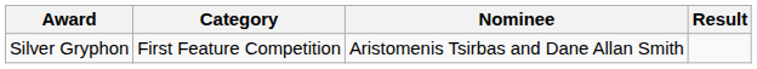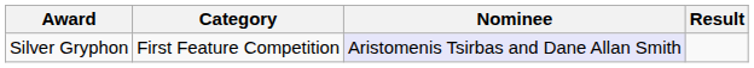 <table class="wikitable sortable">
 <tr>
 <th>Award</th>
 <th>Category</th>
 <th>Nominee</th>
 <th>Result</th>
 </tr>
 <tr>
 <td rowspan="2">Silver Gryphon</td>
 <td>First Feature Competition</td>
-<td>Aristomenis Tsirbas and Dane Allan Smith</td>
+<td style="background: lavender;">Aristomenis Tsirbas and Dane Allan Smith</td>
 <td></td>
 </tr>
 </table>
